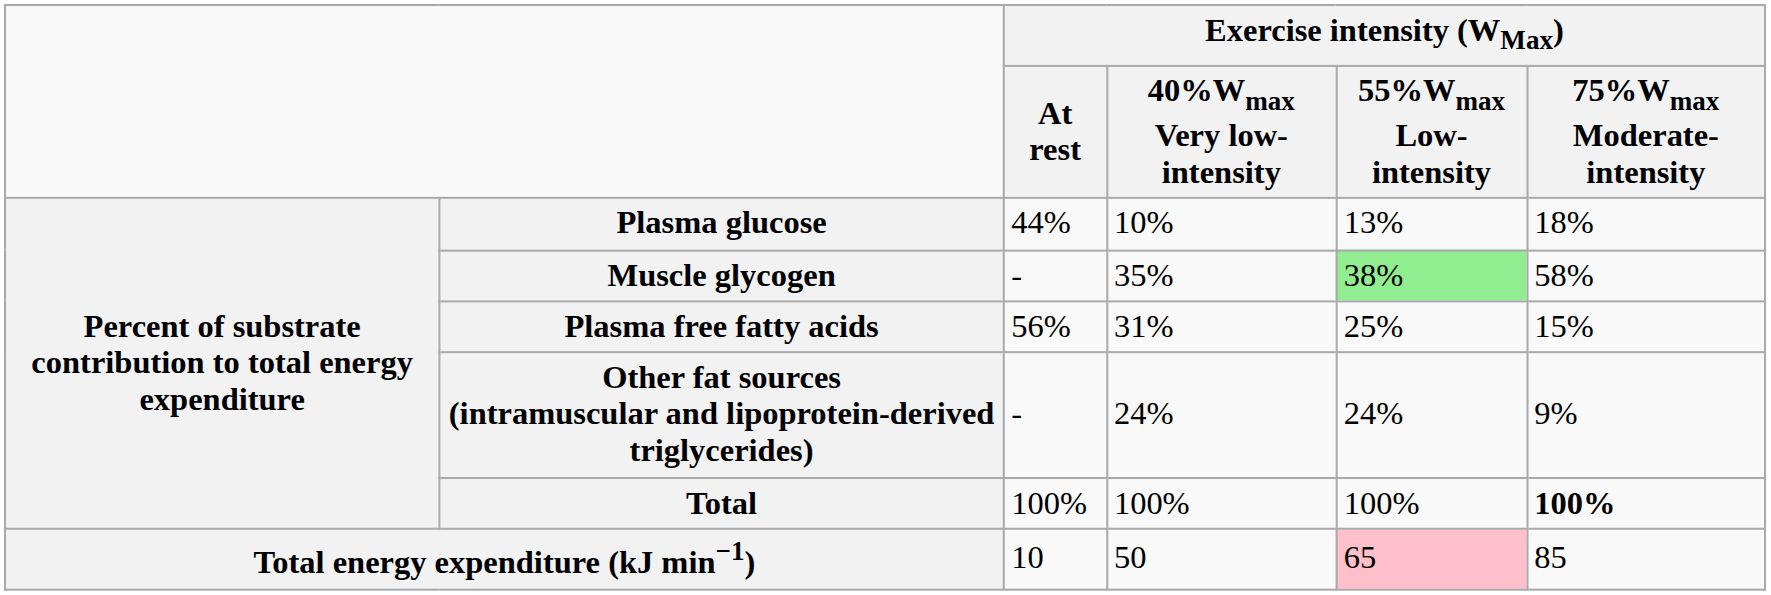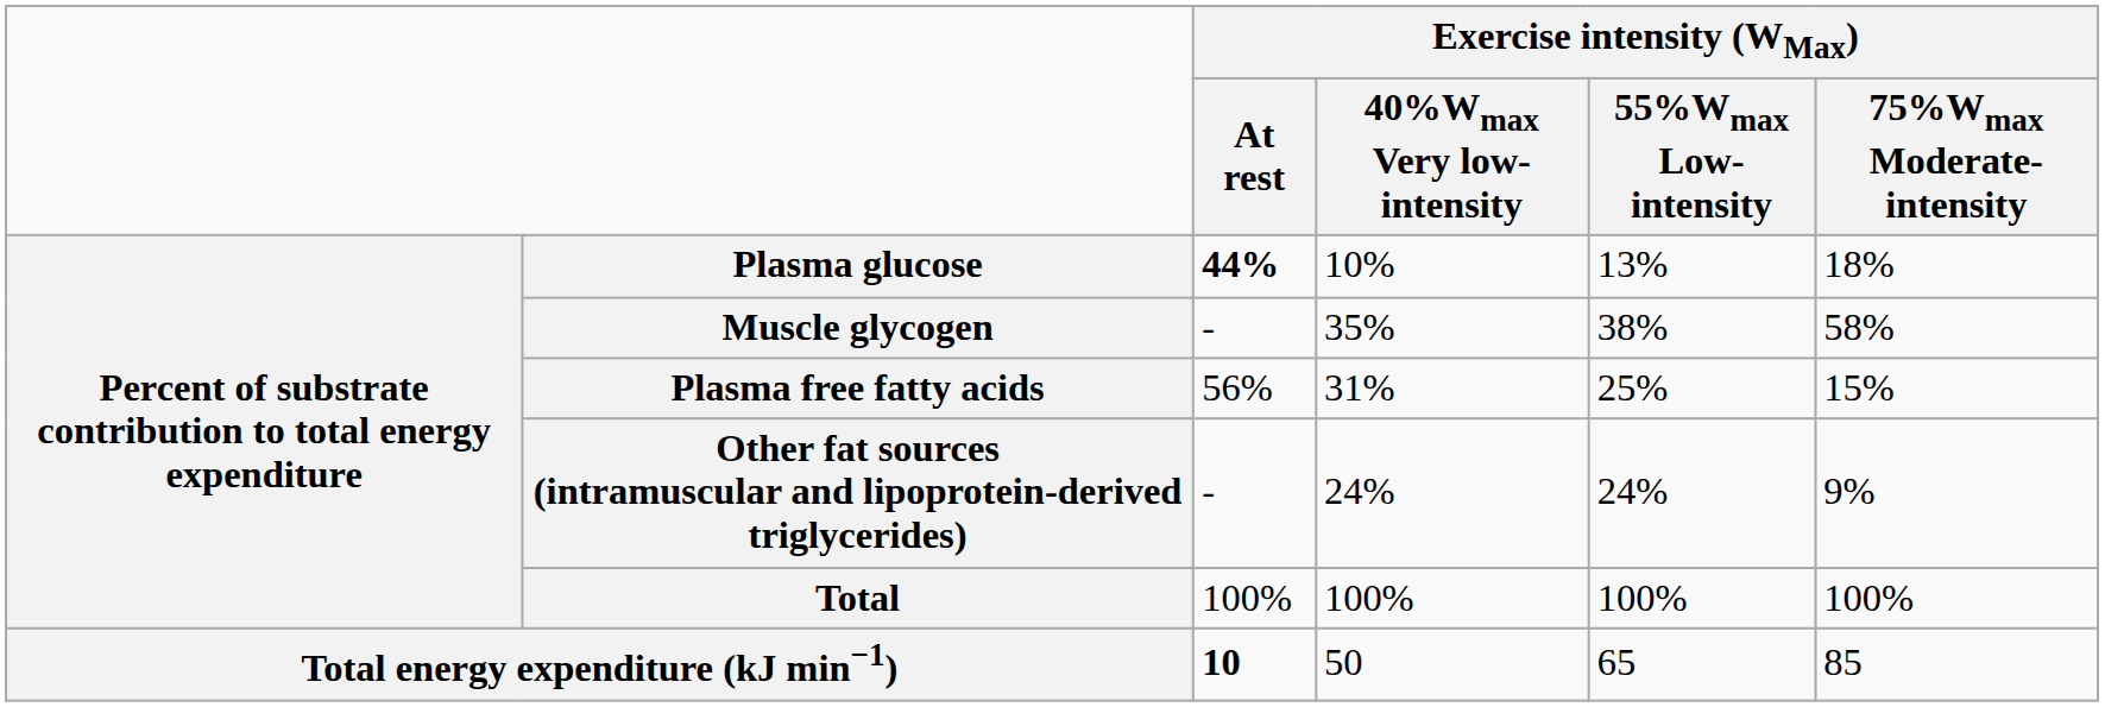 <table class="wikitable">
 <tr>
 <td colspan="2" rowspan="2"></td>
 <th colspan="4"><strong>Exercise intensity (W</strong><sub>Max</sub><strong>)</strong></th>
 </tr>
 <tr>
 <th><strong>At rest</strong></th>
 <th><strong>40%W</strong><sub>max</sub><br>Very low-intensity</th>
 <th><strong>55%W</strong><sub>max</sub><br>Low-intensity</th>
 <th><strong>75%W</strong><sub>max</sub><br>Moderate-intensity</th>
 </tr>
 <tr>
 <th rowspan="5"><strong>Percent of substrate</strong><br><strong>contribution to total energy expenditure</strong></th>
 <th><strong>Plasma glucose</strong></th>
-<td>44%</td>
+<td><strong>44%</strong></td>
 <td>10%</td>
 <td>13%</td>
 <td>18%</td>
 </tr>
 <tr>
 <th><strong>Muscle glycogen</strong></th>
 <td>-</td>
 <td>35%</td>
-<td style="background: lightgreen;">38%</td>
+<td>38%</td>
 <td>58%</td>
 </tr>
 <tr>
 <th><strong>Plasma free fatty acids</strong></th>
 <td>56%</td>
 <td>31%</td>
 <td>25%</td>
 <td>15%</td>
 </tr>
 <tr>
 <th><strong>Other fat sources</strong><br><strong>(intramuscular and</strong> <strong>lipoprotein-derived triglycerides)</strong></th>
 <td>-</td>
 <td>24%</td>
 <td>24%</td>
 <td>9%</td>
 </tr>
 <tr>
 <th><strong>Total</strong></th>
 <td>100%</td>
 <td>100%</td>
 <td>100%</td>
-<td><strong>100%</strong></td>
+<td>100%</td>
 </tr>
 <tr>
 <th colspan="2"><strong>Total energy expenditure (kJ min</strong><sup>−1</sup><strong>)</strong></th>
-<td>10</td>
+<td><strong>10</strong></td>
 <td>50</td>
-<td style="background: pink;">65</td>
+<td>65</td>
 <td>85</td>
 </tr>
 </table>
